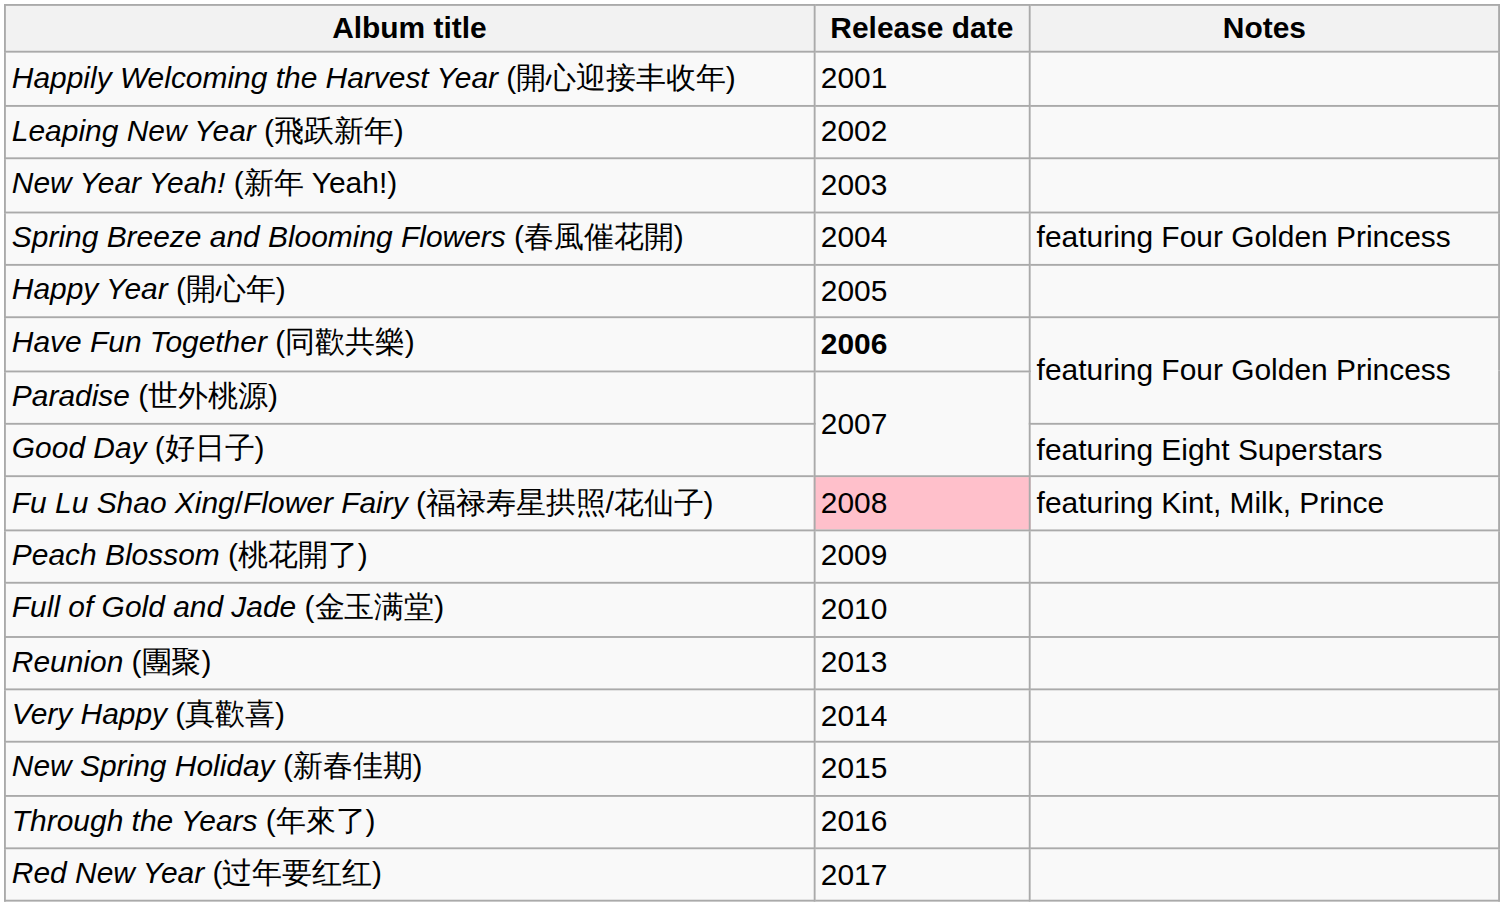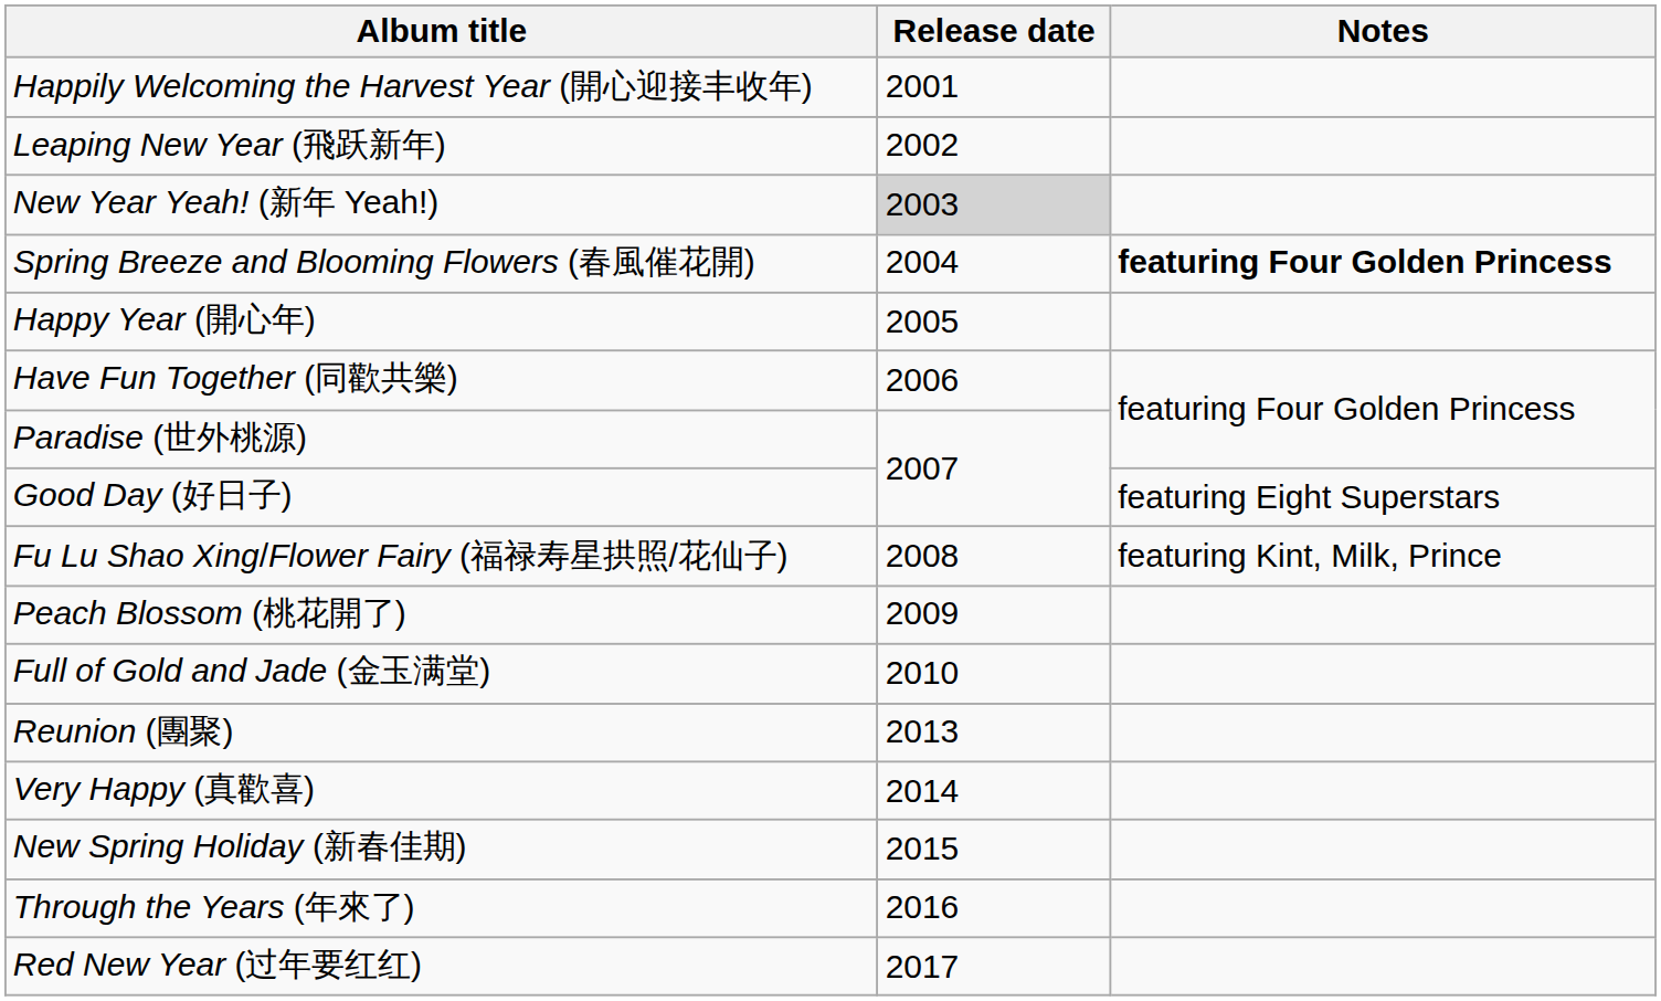 <table class="wikitable" style="width:800px;">
 <tr>
 <th align="left">Album title</th>
 <th align="left">Release date</th>
 <th align="left">Notes</th>
 </tr>
 <tr>
 <td align="left"><em>Happily Welcoming the Harvest Year</em> (開心迎接丰收年)</td>
 <td align="left">2001</td>
 <td></td>
 </tr>
 <tr>
 <td align="left"><em>Leaping New Year</em> (飛跃新年)</td>
 <td align="left">2002</td>
 <td></td>
 </tr>
 <tr>
 <td align="left"><em>New Year Yeah!</em> (新年 Yeah!)</td>
-<td align="left">2003</td>
+<td align="left" style="background: lightgrey;">2003</td>
 <td></td>
 </tr>
 <tr>
 <td align="left"><em>Spring Breeze and Blooming Flowers</em> (春風催花開)</td>
 <td align="left">2004</td>
-<td>featuring Four Golden Princess</td>
+<td><strong>featuring Four Golden Princess</strong></td>
 </tr>
 <tr>
 <td align="left"><em>Happy Year</em> (開心年)</td>
 <td align="left">2005</td>
 <td></td>
 </tr>
 <tr>
 <td align="left"><em>Have Fun Together</em> (同歡共樂)</td>
-<td align="left"><strong>2006</strong></td>
+<td align="left">2006</td>
 <td rowspan="2">featuring Four Golden Princess</td>
 </tr>
 <tr>
 <td align="left"><em>Paradise</em> (世外桃源)</td>
 <td rowspan="2" align="left">2007</td>
 </tr>
 <tr>
 <td align="left"><em>Good Day</em> (好日子)</td>
 <td>featuring Eight Superstars</td>
 </tr>
 <tr>
 <td align="left"><em>Fu Lu Shao Xing</em>/<em>Flower Fairy</em> (福禄寿星拱照/花仙子)</td>
-<td align="left" style="background: pink;">2008</td>
+<td align="left">2008</td>
 <td>featuring Kint, Milk, Prince</td>
 </tr>
 <tr>
 <td align="left"><em>Peach Blossom</em> (桃花開了)</td>
 <td align="left">2009</td>
 <td></td>
 </tr>
 <tr>
 <td align="left"><em>Full of Gold and Jade</em> (金玉满堂)</td>
 <td align="left">2010</td>
 <td></td>
 </tr>
 <tr>
 <td align="left"><em>Reunion</em> (團聚)</td>
 <td align="left">2013</td>
 <td></td>
 </tr>
 <tr>
 <td align="left"><em>Very Happy</em> (真歡喜)</td>
 <td align="left">2014</td>
 <td></td>
 </tr>
 <tr>
 <td align="left"><em>New Spring Holiday</em> (新春佳期)</td>
 <td align="left">2015</td>
 <td></td>
 </tr>
 <tr>
 <td align="left"><em>Through the Years</em> (年來了)</td>
 <td align="left">2016</td>
 <td></td>
 </tr>
 <tr>
 <td align="left"><em>Red New Year</em> (过年要红红)</td>
 <td align="left">2017</td>
 <td></td>
 </tr>
 </table>
